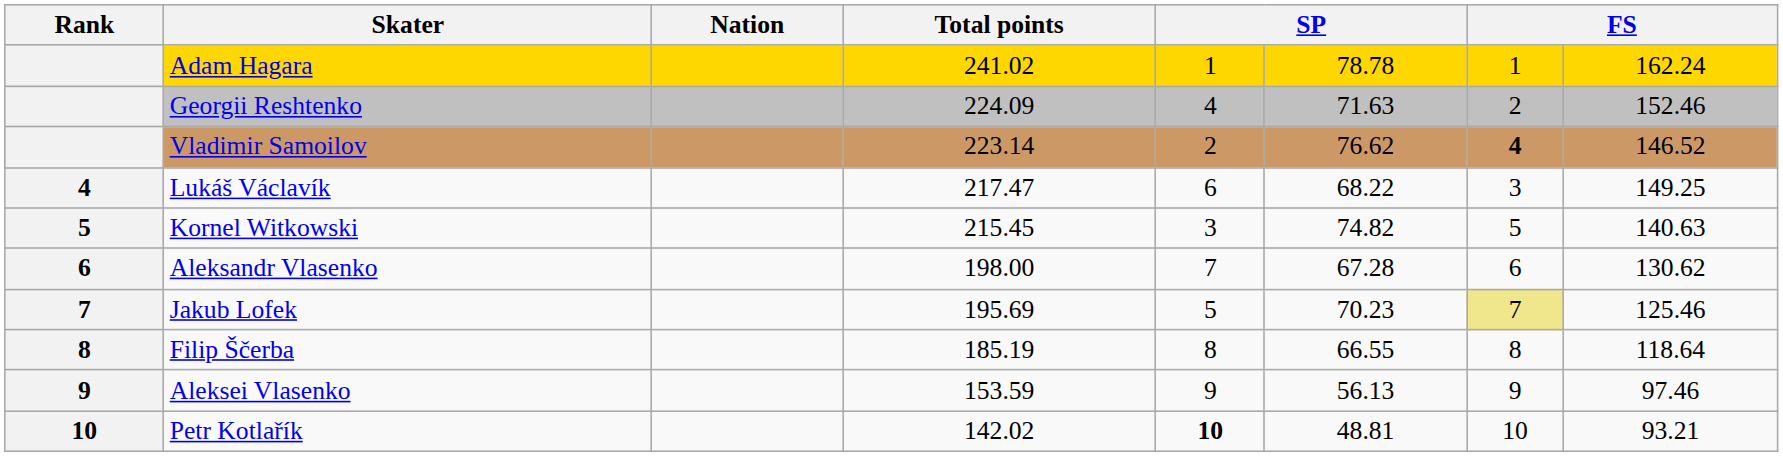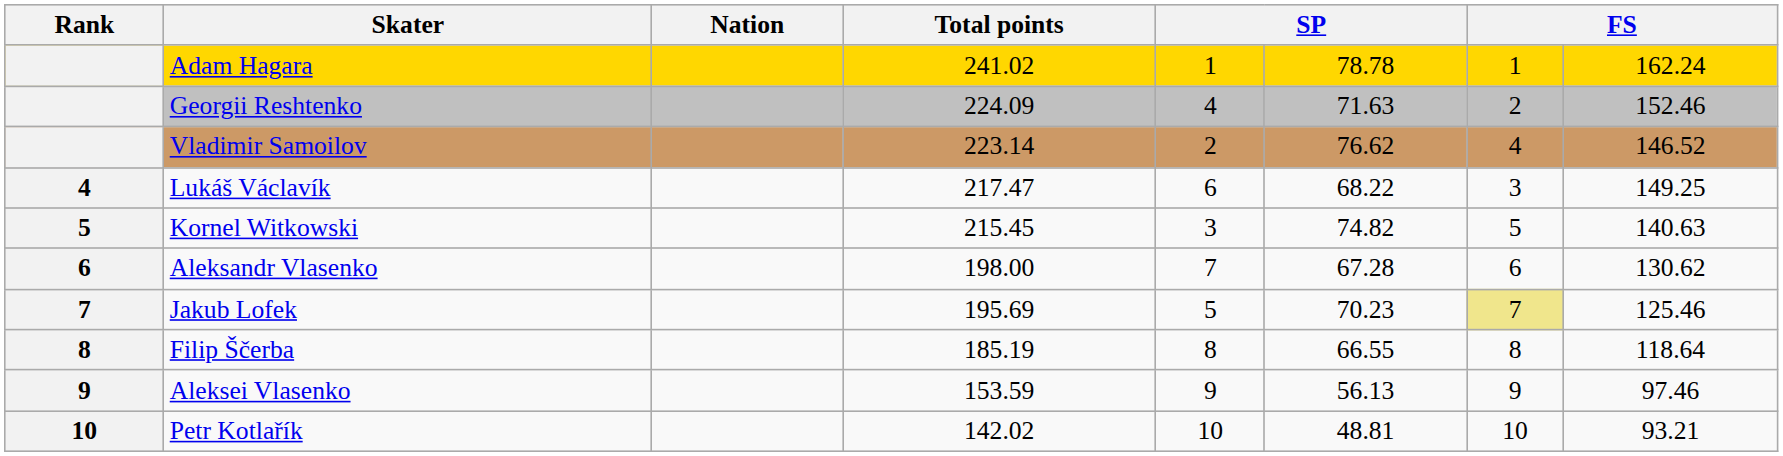 <table class="wikitable sortable" style="text-align:center;" width="70%">
 <tr>
 <th scope="col">Rank</th>
 <th scope="col">Skater</th>
 <th scope="col">Nation</th>
 <th scope="col">Total points</th>
 <th scope="col" colspan="2" width="80px"><a href='#'>SP</a></th>
 <th scope="col" colspan="2" width="80px"><a href='#'>FS</a></th>
 </tr>
 <tr bgcolor="gold">
 <th scope="row"></th>
 <td align="left"><a href='#'>Adam Hagara</a></td>
 <td align="left"></td>
 <td>241.02</td>
 <td>1</td>
 <td>78.78</td>
 <td>1</td>
 <td>162.24</td>
 </tr>
 <tr bgcolor="silver">
 <th scope="row"></th>
 <td align="left"><a href='#'>Georgii Reshtenko</a></td>
 <td align="left"></td>
 <td>224.09</td>
 <td>4</td>
 <td>71.63</td>
 <td>2</td>
 <td>152.46</td>
 </tr>
 <tr bgcolor="cc9966">
 <th scope="row"></th>
 <td align="left"><a href='#'>Vladimir Samoilov</a></td>
 <td align="left"></td>
 <td>223.14</td>
 <td>2</td>
 <td>76.62</td>
-<td><strong>4</strong></td>
+<td>4</td>
 <td>146.52</td>
 </tr>
 <tr>
 <th scope="row">4</th>
 <td align="left"><a href='#'>Lukáš Václavík</a></td>
 <td align="left"></td>
 <td>217.47</td>
 <td>6</td>
 <td>68.22</td>
 <td>3</td>
 <td>149.25</td>
 </tr>
 <tr>
 <th scope="row">5</th>
 <td align="left"><a href='#'>Kornel Witkowski</a></td>
 <td align="left"></td>
 <td>215.45</td>
 <td>3</td>
 <td>74.82</td>
 <td>5</td>
 <td>140.63</td>
 </tr>
 <tr>
 <th scope="row">6</th>
 <td align="left"><a href='#'>Aleksandr Vlasenko</a></td>
 <td align="left"></td>
 <td>198.00</td>
 <td>7</td>
 <td>67.28</td>
 <td>6</td>
 <td>130.62</td>
 </tr>
 <tr>
 <th scope="row">7</th>
 <td align="left"><a href='#'>Jakub Lofek</a></td>
 <td align="left"></td>
 <td>195.69</td>
 <td>5</td>
 <td>70.23</td>
 <td style="background: khaki;">7</td>
 <td>125.46</td>
 </tr>
 <tr>
 <th scope="row">8</th>
 <td align="left"><a href='#'>Filip Ščerba</a></td>
 <td align="left"></td>
 <td>185.19</td>
 <td>8</td>
 <td>66.55</td>
 <td>8</td>
 <td>118.64</td>
 </tr>
 <tr>
 <th scope="row">9</th>
 <td align="left"><a href='#'>Aleksei Vlasenko</a></td>
 <td align="left"></td>
 <td>153.59</td>
 <td>9</td>
 <td>56.13</td>
 <td>9</td>
 <td>97.46</td>
 </tr>
 <tr>
 <th scope="row">10</th>
 <td align="left"><a href='#'>Petr Kotlařík</a></td>
 <td align="left"></td>
 <td>142.02</td>
-<td><strong>10</strong></td>
+<td>10</td>
 <td>48.81</td>
 <td>10</td>
 <td>93.21</td>
 </tr>
 </table>
